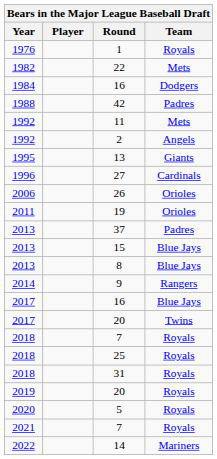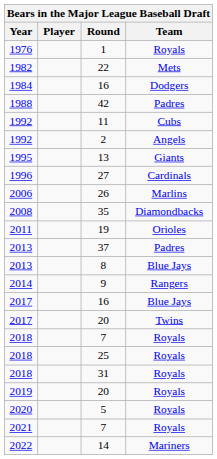 <table class="wikitable sortable collapsible collapsed" style="text-align:center">
 <tr>
 <th colspan=4>Bears in the Major League Baseball Draft</th>
 </tr>
 <tr>
 <th>Year</th>
 <th>Player</th>
 <th>Round</th>
 <th>Team</th>
 </tr>
 <tr>
 <td><a href='#'>1976</a></td>
 <td></td>
 <td>1</td>
 <td><a href='#'>Royals</a></td>
 </tr>
 <tr>
 <td><a href='#'>1982</a></td>
 <td></td>
 <td>22</td>
 <td><a href='#'>Mets</a></td>
 </tr>
 <tr>
 <td><a href='#'>1984</a></td>
 <td></td>
 <td>16</td>
 <td><a href='#'>Dodgers</a></td>
 </tr>
 <tr>
 <td><a href='#'>1988</a></td>
 <td></td>
 <td>42</td>
 <td><a href='#'>Padres</a></td>
 </tr>
 <tr>
 <td><a href='#'>1992</a></td>
 <td></td>
 <td>11</td>
-<td><a href='#'>Mets</a></td>
+<td><a href='#'>Cubs</a></td>
 </tr>
 <tr>
 <td><a href='#'>1992</a></td>
 <td></td>
 <td>2</td>
 <td><a href='#'>Angels</a></td>
 </tr>
 <tr>
 <td><a href='#'>1995</a></td>
 <td></td>
 <td>13</td>
 <td><a href='#'>Giants</a></td>
 </tr>
 <tr>
 <td><a href='#'>1996</a></td>
 <td></td>
 <td>27</td>
 <td><a href='#'>Cardinals</a></td>
 </tr>
 <tr>
 <td><a href='#'>2006</a></td>
 <td></td>
 <td>26</td>
-<td><a href='#'>Orioles</a></td>
+<td><a href='#'>Marlins</a></td>
+</tr>
+<tr>
+<td><a href='#'>2008</a></td>
+<td></td>
+<td>35</td>
+<td><a href='#'>Diamondbacks</a></td>
 </tr>
 <tr>
 <td><a href='#'>2011</a></td>
 <td></td>
 <td>19</td>
 <td><a href='#'>Orioles</a></td>
 </tr>
 <tr>
 <td><a href='#'>2013</a></td>
 <td></td>
 <td>37</td>
 <td><a href='#'>Padres</a></td>
-</tr>
-<tr>
-<td><a href='#'>2013</a></td>
-<td></td>
-<td>15</td>
-<td><a href='#'>Blue Jays</a></td>
 </tr>
 <tr>
 <td><a href='#'>2013</a></td>
 <td></td>
 <td>8</td>
 <td><a href='#'>Blue Jays</a></td>
 </tr>
 <tr>
 <td><a href='#'>2014</a></td>
 <td></td>
 <td>9</td>
 <td><a href='#'>Rangers</a></td>
 </tr>
 <tr>
 <td><a href='#'>2017</a></td>
 <td></td>
 <td>16</td>
 <td><a href='#'>Blue Jays</a></td>
 </tr>
 <tr>
 <td><a href='#'>2017</a></td>
 <td></td>
 <td>20</td>
 <td><a href='#'>Twins</a></td>
 </tr>
 <tr>
 <td><a href='#'>2018</a></td>
 <td></td>
 <td>7</td>
 <td><a href='#'>Royals</a></td>
 </tr>
 <tr>
 <td><a href='#'>2018</a></td>
 <td></td>
 <td>25</td>
 <td><a href='#'>Royals</a></td>
 </tr>
 <tr>
 <td><a href='#'>2018</a></td>
 <td></td>
 <td>31</td>
 <td><a href='#'>Royals</a></td>
 </tr>
 <tr>
 <td><a href='#'>2019</a></td>
 <td></td>
 <td>20</td>
 <td><a href='#'>Royals</a></td>
 </tr>
 <tr>
 <td><a href='#'>2020</a></td>
 <td></td>
 <td>5</td>
 <td><a href='#'>Royals</a></td>
 </tr>
 <tr>
 <td><a href='#'>2021</a></td>
 <td></td>
 <td>7</td>
 <td><a href='#'>Royals</a></td>
 </tr>
 <tr>
 <td><a href='#'>2022</a></td>
 <td></td>
 <td>14</td>
 <td><a href='#'>Mariners</a></td>
 </tr>
 </table>
